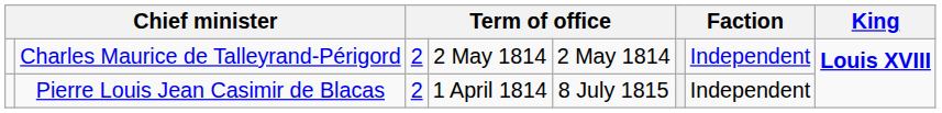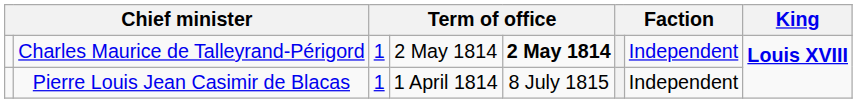 <table class="wikitable" style="text-align:center">
 <tr>
 <th colspan=2>Chief minister</th>
 <th colspan=3>Term of office</th>
 <th colspan=2>Faction</th>
 <th><a href='#'>King</a><br></th>
 </tr>
 <tr>
 <td></td>
 <td><a href='#'>Charles Maurice de Talleyrand-Périgord</a><br></td>
-<td><a href='#'>2</a></td>
+<td><a href='#'>1</a></td>
 <td>2 May 1814</td>
-<td>2 May 1814</td>
+<td><strong>2 May 1814</strong></td>
 <th style="background:"></th>
 <td><a href='#'>Independent</a></td>
 <td rowspan=2><strong><a href='#'>Louis XVIII</a></strong><br><br></td>
 </tr>
 <tr>
 <td></td>
 <td><a href='#'>Pierre Louis Jean Casimir de Blacas</a><br></td>
-<td><a href='#'>2</a></td>
+<td><a href='#'>1</a></td>
 <td>1 April 1814</td>
 <td>8 July 1815</td>
 <th style="background:"></th>
 <td>Independent</td>
 </tr>
 </table>
